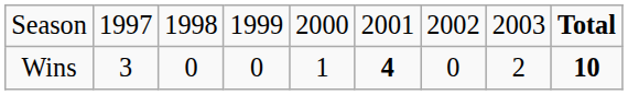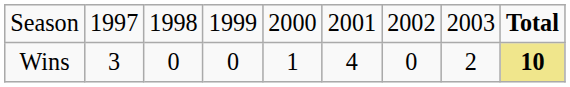 <table class="wikitable sortable">
 <tr>
 <td>Season</td>
 <td>1997</td>
 <td>1998</td>
 <td>1999</td>
 <td>2000</td>
 <td>2001</td>
 <td>2002</td>
 <td>2003</td>
 <td><strong>Total</strong></td>
 </tr>
 <tr align=center>
 <td>Wins</td>
 <td>3</td>
 <td>0</td>
 <td>0</td>
 <td>1</td>
-<td><strong>4</strong></td>
+<td>4</td>
 <td>0</td>
 <td>2</td>
-<td><strong>10</strong></td>
+<td style="background: khaki;"><strong>10</strong></td>
 </tr>
 </table>
